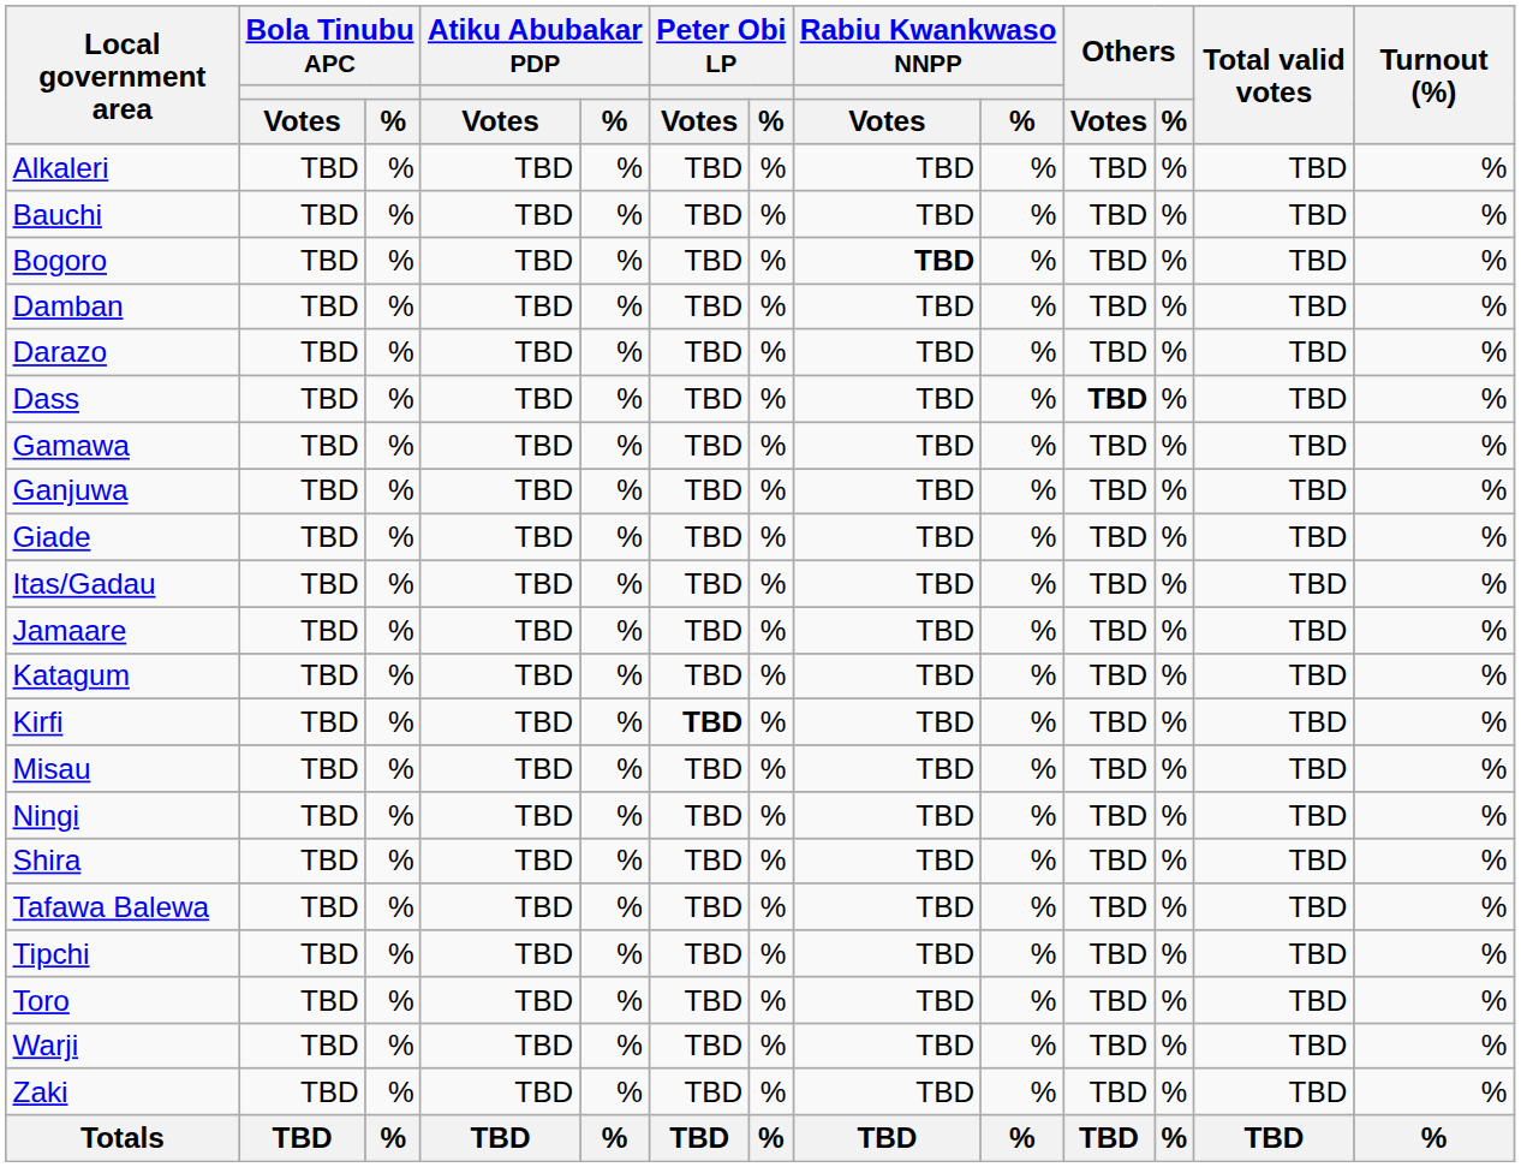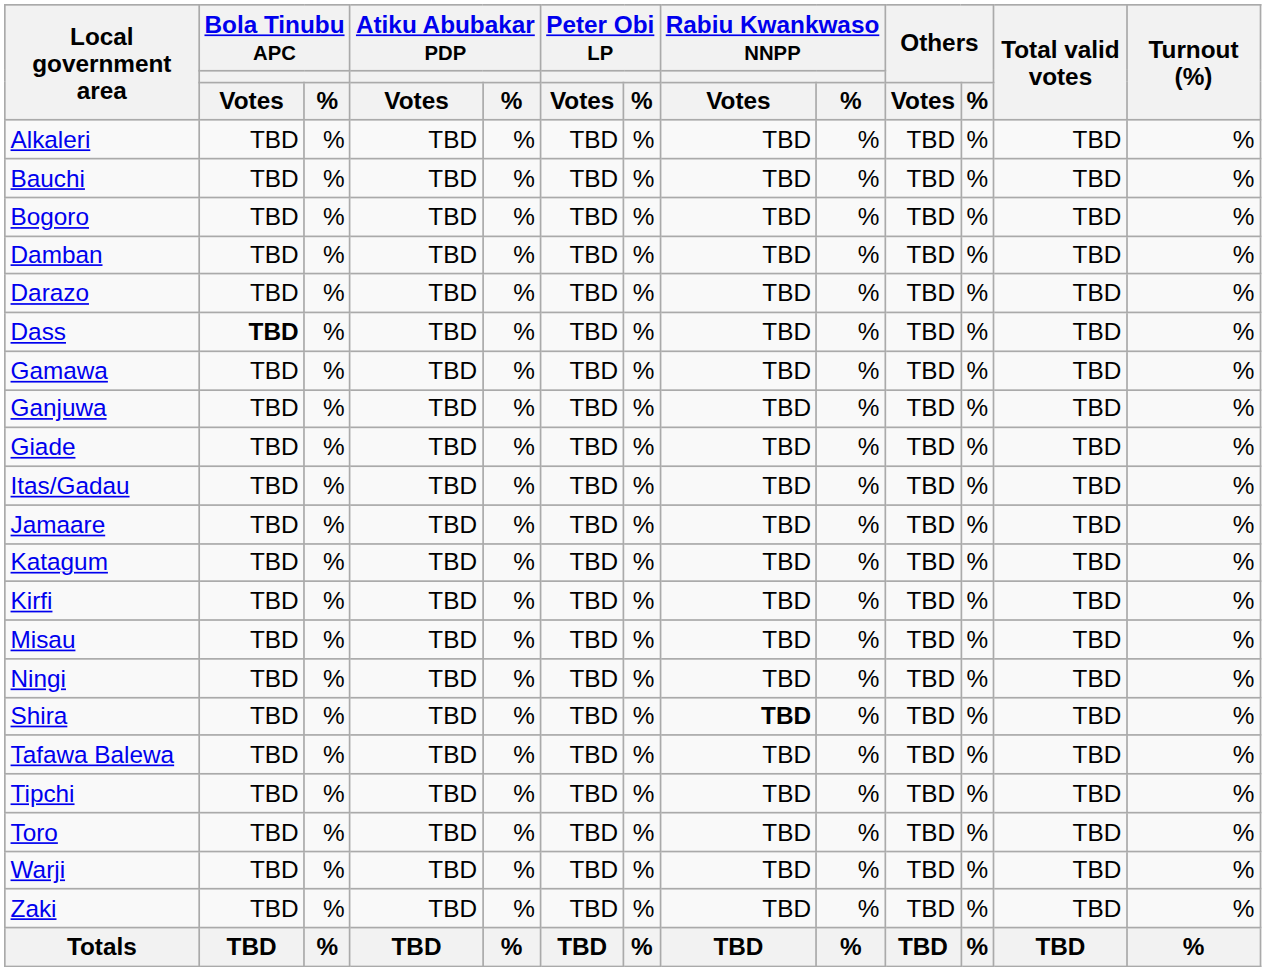 <table class="wikitable sortable" style="text-align:right; font-size:90%">
 <tr>
 <th rowspan="3" style="max-width:7.5em;">Local government area</th>
 <th colspan="2"><a href='#'>Bola Tinubu</a><br><small>APC</small></th>
 <th colspan="2"><a href='#'>Atiku Abubakar</a><br><small>PDP</small></th>
 <th colspan="2"><a href='#'>Peter Obi</a><br><small>LP</small></th>
 <th colspan="2"><a href='#'>Rabiu Kwankwaso</a><br><small>NNPP</small></th>
 <th colspan="2" rowspan="2">Others</th>
 <th rowspan="3" style="max-width:5em;">Total valid votes</th>
 <th rowspan="3" style="max-width:5em;">Turnout (%)</th>
 </tr>
 <tr>
 <th colspan=2 style="background-color:"></th>
 <th colspan=2 style="background-color:"></th>
 <th colspan=2 style="background-color:"></th>
 <th colspan=2 style="background-color:"></th>
 </tr>
 <tr>
 <th>Votes</th>
 <th>%</th>
 <th>Votes</th>
 <th>%</th>
 <th>Votes</th>
 <th>%</th>
 <th>Votes</th>
 <th>%</th>
 <th>Votes</th>
 <th>%</th>
 </tr>
 <tr style="background-color:#">
 <td style="text-align:left;"><a href='#'>Alkaleri</a></td>
 <td>TBD</td>
 <td>%</td>
 <td>TBD</td>
 <td>%</td>
 <td>TBD</td>
 <td>%</td>
 <td>TBD</td>
 <td>%</td>
 <td>TBD</td>
 <td>%</td>
 <td>TBD</td>
 <td>%</td>
 </tr>
 <tr style="background-color:#">
 <td style="text-align:left;"><a href='#'>Bauchi</a></td>
 <td>TBD</td>
 <td>%</td>
 <td>TBD</td>
 <td>%</td>
 <td>TBD</td>
 <td>%</td>
 <td>TBD</td>
 <td>%</td>
 <td>TBD</td>
 <td>%</td>
 <td>TBD</td>
 <td>%</td>
 </tr>
 <tr style="background-color:#">
 <td style="text-align:left;"><a href='#'>Bogoro</a></td>
 <td>TBD</td>
 <td>%</td>
 <td>TBD</td>
 <td>%</td>
 <td>TBD</td>
 <td>%</td>
-<td><strong>TBD</strong></td>
+<td>TBD</td>
 <td>%</td>
 <td>TBD</td>
 <td>%</td>
 <td>TBD</td>
 <td>%</td>
 </tr>
 <tr style="background-color:#">
 <td style="text-align:left;"><a href='#'>Damban</a></td>
 <td>TBD</td>
 <td>%</td>
 <td>TBD</td>
 <td>%</td>
 <td>TBD</td>
 <td>%</td>
 <td>TBD</td>
 <td>%</td>
 <td>TBD</td>
 <td>%</td>
 <td>TBD</td>
 <td>%</td>
 </tr>
 <tr style="background-color:#">
 <td style="text-align:left;"><a href='#'>Darazo</a></td>
 <td>TBD</td>
 <td>%</td>
 <td>TBD</td>
 <td>%</td>
 <td>TBD</td>
 <td>%</td>
 <td>TBD</td>
 <td>%</td>
 <td>TBD</td>
 <td>%</td>
 <td>TBD</td>
 <td>%</td>
 </tr>
 <tr style="background-color:#">
 <td style="text-align:left;"><a href='#'>Dass</a></td>
+<td><strong>TBD</strong></td>
+<td>%</td>
 <td>TBD</td>
 <td>%</td>
 <td>TBD</td>
 <td>%</td>
 <td>TBD</td>
 <td>%</td>
 <td>TBD</td>
-<td>%</td>
-<td><strong>TBD</strong></td>
 <td>%</td>
 <td>TBD</td>
 <td>%</td>
 </tr>
 <tr style="background-color:#">
 <td style="text-align:left;"><a href='#'>Gamawa</a></td>
 <td>TBD</td>
 <td>%</td>
 <td>TBD</td>
 <td>%</td>
 <td>TBD</td>
 <td>%</td>
 <td>TBD</td>
 <td>%</td>
 <td>TBD</td>
 <td>%</td>
 <td>TBD</td>
 <td>%</td>
 </tr>
 <tr style="background-color:#">
 <td style="text-align:left;"><a href='#'>Ganjuwa</a></td>
 <td>TBD</td>
 <td>%</td>
 <td>TBD</td>
 <td>%</td>
 <td>TBD</td>
 <td>%</td>
 <td>TBD</td>
 <td>%</td>
 <td>TBD</td>
 <td>%</td>
 <td>TBD</td>
 <td>%</td>
 </tr>
 <tr style="background-color:#">
 <td style="text-align:left;"><a href='#'>Giade</a></td>
 <td>TBD</td>
 <td>%</td>
 <td>TBD</td>
 <td>%</td>
 <td>TBD</td>
 <td>%</td>
 <td>TBD</td>
 <td>%</td>
 <td>TBD</td>
 <td>%</td>
 <td>TBD</td>
 <td>%</td>
 </tr>
 <tr style="background-color:#">
 <td style="text-align:left;"><a href='#'>Itas/Gadau</a></td>
 <td>TBD</td>
 <td>%</td>
 <td>TBD</td>
 <td>%</td>
 <td>TBD</td>
 <td>%</td>
 <td>TBD</td>
 <td>%</td>
 <td>TBD</td>
 <td>%</td>
 <td>TBD</td>
 <td>%</td>
 </tr>
 <tr style="background-color:#">
 <td style="text-align:left;"><a href='#'>Jamaare</a></td>
 <td>TBD</td>
 <td>%</td>
 <td>TBD</td>
 <td>%</td>
 <td>TBD</td>
 <td>%</td>
 <td>TBD</td>
 <td>%</td>
 <td>TBD</td>
 <td>%</td>
 <td>TBD</td>
 <td>%</td>
 </tr>
 <tr style="background-color:#">
 <td style="text-align:left;"><a href='#'>Katagum</a></td>
 <td>TBD</td>
 <td>%</td>
 <td>TBD</td>
 <td>%</td>
 <td>TBD</td>
 <td>%</td>
 <td>TBD</td>
 <td>%</td>
 <td>TBD</td>
 <td>%</td>
 <td>TBD</td>
 <td>%</td>
 </tr>
 <tr style="background-color:#">
 <td style="text-align:left;"><a href='#'>Kirfi</a></td>
 <td>TBD</td>
 <td>%</td>
 <td>TBD</td>
 <td>%</td>
-<td><strong>TBD</strong></td>
+<td>TBD</td>
 <td>%</td>
 <td>TBD</td>
 <td>%</td>
 <td>TBD</td>
 <td>%</td>
 <td>TBD</td>
 <td>%</td>
 </tr>
 <tr style="background-color:#">
 <td style="text-align:left;"><a href='#'>Misau</a></td>
 <td>TBD</td>
 <td>%</td>
 <td>TBD</td>
 <td>%</td>
 <td>TBD</td>
 <td>%</td>
 <td>TBD</td>
 <td>%</td>
 <td>TBD</td>
 <td>%</td>
 <td>TBD</td>
 <td>%</td>
 </tr>
 <tr style="background-color:#">
 <td style="text-align:left;"><a href='#'>Ningi</a></td>
 <td>TBD</td>
 <td>%</td>
 <td>TBD</td>
 <td>%</td>
 <td>TBD</td>
 <td>%</td>
 <td>TBD</td>
 <td>%</td>
 <td>TBD</td>
 <td>%</td>
 <td>TBD</td>
 <td>%</td>
 </tr>
 <tr style="background-color:#">
 <td style="text-align:left;"><a href='#'>Shira</a></td>
 <td>TBD</td>
 <td>%</td>
 <td>TBD</td>
 <td>%</td>
 <td>TBD</td>
 <td>%</td>
-<td>TBD</td>
+<td><strong>TBD</strong></td>
 <td>%</td>
 <td>TBD</td>
 <td>%</td>
 <td>TBD</td>
 <td>%</td>
 </tr>
 <tr style="background-color:#">
 <td style="text-align:left;"><a href='#'>Tafawa Balewa</a></td>
 <td>TBD</td>
 <td>%</td>
 <td>TBD</td>
 <td>%</td>
 <td>TBD</td>
 <td>%</td>
 <td>TBD</td>
 <td>%</td>
 <td>TBD</td>
 <td>%</td>
 <td>TBD</td>
 <td>%</td>
 </tr>
 <tr style="background-color:#">
 <td style="text-align:left;"><a href='#'>Tipchi</a></td>
 <td>TBD</td>
 <td>%</td>
 <td>TBD</td>
 <td>%</td>
 <td>TBD</td>
 <td>%</td>
 <td>TBD</td>
 <td>%</td>
 <td>TBD</td>
 <td>%</td>
 <td>TBD</td>
 <td>%</td>
 </tr>
 <tr style="background-color:#">
 <td style="text-align:left;"><a href='#'>Toro</a></td>
 <td>TBD</td>
 <td>%</td>
 <td>TBD</td>
 <td>%</td>
 <td>TBD</td>
 <td>%</td>
 <td>TBD</td>
 <td>%</td>
 <td>TBD</td>
 <td>%</td>
 <td>TBD</td>
 <td>%</td>
 </tr>
 <tr style="background-color:#">
 <td style="text-align:left;"><a href='#'>Warji</a></td>
 <td>TBD</td>
 <td>%</td>
 <td>TBD</td>
 <td>%</td>
 <td>TBD</td>
 <td>%</td>
 <td>TBD</td>
 <td>%</td>
 <td>TBD</td>
 <td>%</td>
 <td>TBD</td>
 <td>%</td>
 </tr>
 <tr style="background-color:#">
 <td style="text-align:left;"><a href='#'>Zaki</a></td>
 <td>TBD</td>
 <td>%</td>
 <td>TBD</td>
 <td>%</td>
 <td>TBD</td>
 <td>%</td>
 <td>TBD</td>
 <td>%</td>
 <td>TBD</td>
 <td>%</td>
 <td>TBD</td>
 <td>%</td>
 </tr>
 <tr>
 <th>Totals</th>
 <th>TBD</th>
 <th>%</th>
 <th>TBD</th>
 <th>%</th>
 <th>TBD</th>
 <th>%</th>
 <th>TBD</th>
 <th>%</th>
 <th>TBD</th>
 <th>%</th>
 <th>TBD</th>
 <th>%</th>
 </tr>
 </table>
